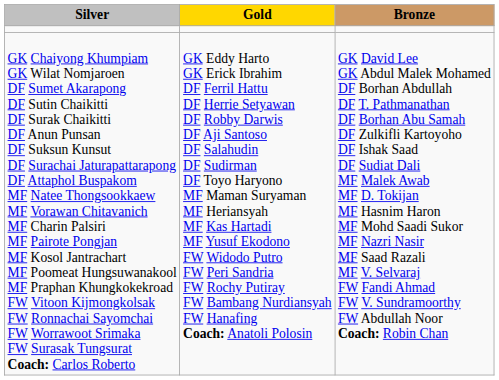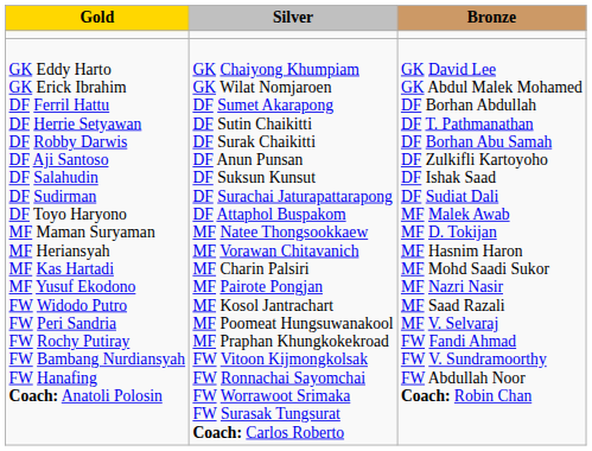 <table class="wikitable">
 <tr>
+<th style="background: gold"><strong>Gold</strong></th>
 <th style="background: silver"><strong>Silver</strong></th>
-<th style="background: gold"><strong>Gold</strong></th>
 <th style="background: #cc9966"><strong>Bronze</strong></th>
 </tr>
 <tr>
 <td></td>
 <td></td>
 <td></td>
 </tr>
 <tr>
+<td valign="top"><br><a href='#'>GK</a> Eddy Harto<br> <a href='#'>GK</a> Erick Ibrahim<br> <a href='#'>DF</a> <a href='#'>Ferril Hattu</a><br> <a href='#'>DF</a> <a href='#'>Herrie Setyawan</a><br> <a href='#'>DF</a> <a href='#'>Robby Darwis</a><br> <a href='#'>DF</a> <a href='#'>Aji Santoso</a><br> <a href='#'>DF</a> <a href='#'>Salahudin</a><br> <a href='#'>DF</a> <a href='#'>Sudirman</a><br> <a href='#'>DF</a> Toyo Haryono<br> <a href='#'>MF</a> Maman Suryaman<br> <a href='#'>MF</a> Heriansyah<br> <a href='#'>MF</a> <a href='#'>Kas Hartadi</a><br> <a href='#'>MF</a> <a href='#'>Yusuf Ekodono</a><br> <a href='#'>FW</a> <a href='#'>Widodo Putro</a><br> <a href='#'>FW</a> <a href='#'>Peri Sandria</a><br> <a href='#'>FW</a> <a href='#'>Rochy Putiray</a><br> <a href='#'>FW</a> <a href='#'>Bambang Nurdiansyah</a><br> <a href='#'>FW</a> <a href='#'>Hanafing</a><br> <strong>Coach:</strong> <a href='#'>Anatoli Polosin</a></td>
 <td valign="top"><br><a href='#'>GK</a> <a href='#'>Chaiyong Khumpiam</a><br> <a href='#'>GK</a> Wilat Nomjaroen<br> <a href='#'>DF</a> <a href='#'>Sumet Akarapong</a><br> <a href='#'>DF</a> Sutin Chaikitti<br> <a href='#'>DF</a> Surak Chaikitti<br> <a href='#'>DF</a> Anun Punsan<br> <a href='#'>DF</a> Suksun Kunsut<br> <a href='#'>DF</a> <a href='#'>Surachai Jaturapattarapong</a><br> <a href='#'>DF</a> <a href='#'>Attaphol Buspakom</a><br> <a href='#'>MF</a> <a href='#'>Natee Thongsookkaew</a><br> <a href='#'>MF</a> <a href='#'>Vorawan Chitavanich</a><br> <a href='#'>MF</a> Charin Palsiri<br> <a href='#'>MF</a> <a href='#'>Pairote Pongjan</a><br> <a href='#'>MF</a> Kosol Jantrachart<br> <a href='#'>MF</a> Poomeat Hungsuwanakool<br> <a href='#'>MF</a> Praphan Khungkokekroad<br> <a href='#'>FW</a> <a href='#'>Vitoon Kijmongkolsak</a><br> <a href='#'>FW</a> <a href='#'>Ronnachai Sayomchai</a><br> <a href='#'>FW</a> <a href='#'>Worrawoot Srimaka</a><br> <a href='#'>FW</a> <a href='#'>Surasak Tungsurat</a><br> <strong>Coach:</strong> <a href='#'>Carlos Roberto</a></td>
-<td valign="top"><br><a href='#'>GK</a> Eddy Harto<br> <a href='#'>GK</a> Erick Ibrahim<br> <a href='#'>DF</a> <a href='#'>Ferril Hattu</a><br> <a href='#'>DF</a> <a href='#'>Herrie Setyawan</a><br> <a href='#'>DF</a> <a href='#'>Robby Darwis</a><br> <a href='#'>DF</a> <a href='#'>Aji Santoso</a><br> <a href='#'>DF</a> <a href='#'>Salahudin</a><br> <a href='#'>DF</a> <a href='#'>Sudirman</a><br> <a href='#'>DF</a> Toyo Haryono<br> <a href='#'>MF</a> Maman Suryaman<br> <a href='#'>MF</a> Heriansyah<br> <a href='#'>MF</a> <a href='#'>Kas Hartadi</a><br> <a href='#'>MF</a> <a href='#'>Yusuf Ekodono</a><br> <a href='#'>FW</a> <a href='#'>Widodo Putro</a><br> <a href='#'>FW</a> <a href='#'>Peri Sandria</a><br> <a href='#'>FW</a> <a href='#'>Rochy Putiray</a><br> <a href='#'>FW</a> <a href='#'>Bambang Nurdiansyah</a><br> <a href='#'>FW</a> <a href='#'>Hanafing</a><br> <strong>Coach:</strong> <a href='#'>Anatoli Polosin</a></td>
 <td valign="top"><br><a href='#'>GK</a> <a href='#'>David Lee</a><br> <a href='#'>GK</a> Abdul Malek Mohamed<br> <a href='#'>DF</a> Borhan Abdullah<br> <a href='#'>DF</a> <a href='#'>T. Pathmanathan</a><br> <a href='#'>DF</a> <a href='#'>Borhan Abu Samah</a><br> <a href='#'>DF</a> Zulkifli Kartoyoho<br> <a href='#'>DF</a> Ishak Saad<br> <a href='#'>DF</a> <a href='#'>Sudiat Dali</a><br> <a href='#'>MF</a> <a href='#'>Malek Awab</a><br> <a href='#'>MF</a> <a href='#'>D. Tokijan</a><br> <a href='#'>MF</a> Hasnim Haron<br> <a href='#'>MF</a> Mohd Saadi Sukor<br> <a href='#'>MF</a> <a href='#'>Nazri Nasir</a><br> <a href='#'>MF</a> Saad Razali<br> <a href='#'>MF</a> <a href='#'>V. Selvaraj</a><br> <a href='#'>FW</a> <a href='#'>Fandi Ahmad</a><br> <a href='#'>FW</a> <a href='#'>V. Sundramoorthy</a> <br> <a href='#'>FW</a> Abdullah Noor<br> <strong>Coach:</strong> <a href='#'>Robin Chan</a></td>
 </tr>
 </table>
